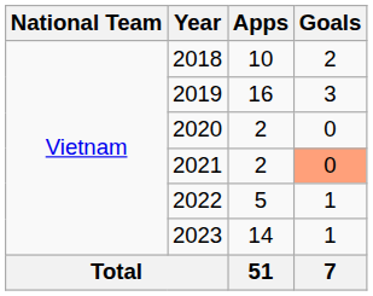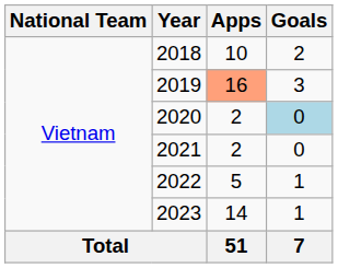 <table class="wikitable" style="text-align:center">
 <tr>
 <th>National Team</th>
 <th>Year</th>
 <th>Apps</th>
 <th>Goals</th>
 </tr>
 <tr>
 <td rowspan="6"><a href='#'>Vietnam</a></td>
 <td>2018</td>
 <td>10</td>
 <td>2</td>
 </tr>
 <tr>
 <td>2019</td>
-<td>16</td>
+<td style="background: lightsalmon;">16</td>
 <td>3</td>
 </tr>
 <tr>
 <td>2020</td>
 <td>2</td>
-<td>0</td>
+<td style="background: lightblue;">0</td>
 </tr>
 <tr>
 <td>2021</td>
 <td>2</td>
-<td style="background: lightsalmon;">0</td>
+<td>0</td>
 </tr>
 <tr>
 <td>2022</td>
 <td>5</td>
 <td>1</td>
 </tr>
 <tr>
 <td>2023</td>
 <td>14</td>
 <td>1</td>
 </tr>
 <tr>
 <th colspan=2>Total</th>
 <th>51</th>
 <th>7</th>
 </tr>
 </table>
